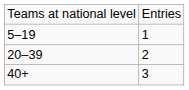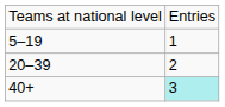 <table class="wikitable">
 <tr>
 <td>Teams at national level</td>
 <td>Entries</td>
 </tr>
 <tr>
 <td>5–19</td>
 <td>1</td>
 </tr>
 <tr>
 <td>20–39</td>
 <td>2</td>
 </tr>
 <tr>
 <td>40+</td>
-<td>3</td>
+<td style="background: paleturquoise;">3</td>
 </tr>
 </table>
